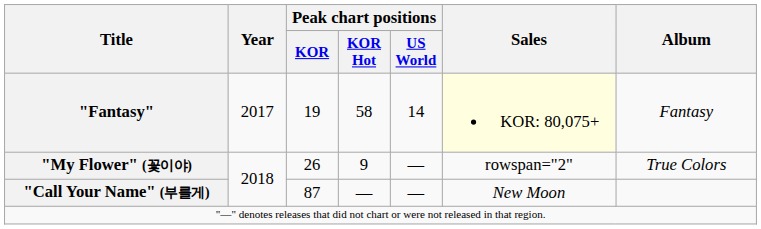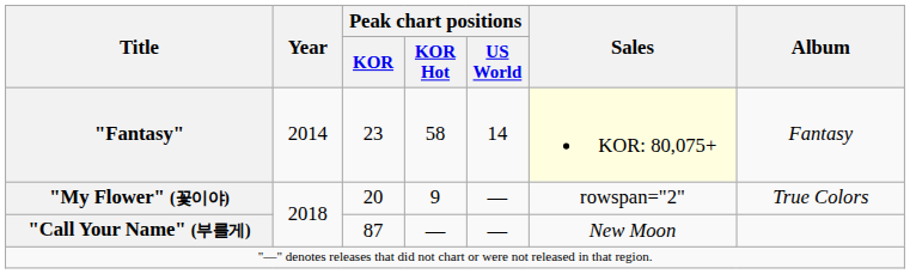 <table class="wikitable plainrowheaders" style="text-align:center;">
 <tr>
 <th rowspan="2" scope="col" style="width:13em;">Title</th>
 <th rowspan="2" scope="col" style="width:3em;">Year</th>
 <th colspan="3" scope="col">Peak chart positions</th>
 <th rowspan="2" scope="col" style="width:10em;">Sales</th>
 <th rowspan="2" scope="col" style="width:8em;">Album</th>
 </tr>
 <tr>
 <th scope="col" style="width:3em;font-size:90%;"><a href='#'>KOR</a><br></th>
 <th scope="col" style="width:3em;font-size:90%;"><a href='#'>KOR Hot</a><br></th>
 <th scope="col" style="width:3em;font-size:90%;"><a href='#'>US<br>World</a><br></th>
 </tr>
 <tr>
 <th scope="row">"Fantasy"</th>
-<td>2017</td>
-<td>19</td>
+<td>2014</td>
+<td>23</td>
 <td>58</td>
 <td>14</td>
 <td style="background: lightyellow;"><br><ul><li>KOR: 80,075+</li></ul></td>
 <td><em>Fantasy</em></td>
 </tr>
 <tr>
 <th scope="row">"My Flower" <small>(꽃이야)</small></th>
 <td rowspan="2">2018</td>
-<td>26</td>
+<td>20</td>
 <td>9</td>
 <td>—</td>
 <td>rowspan="2" </td>
 <td><em>True Colors</em></td>
 </tr>
 <tr>
 <th scope="row">"Call Your Name" <small>(부를게)</small></th>
 <td>87</td>
 <td>—</td>
 <td>—</td>
 <td><em>New Moon</em></td>
 </tr>
 <tr>
 <td colspan="7" style="font-size:8pt;">"—" denotes releases that did not chart or were not released in that region.</td>
 </tr>
 </table>
